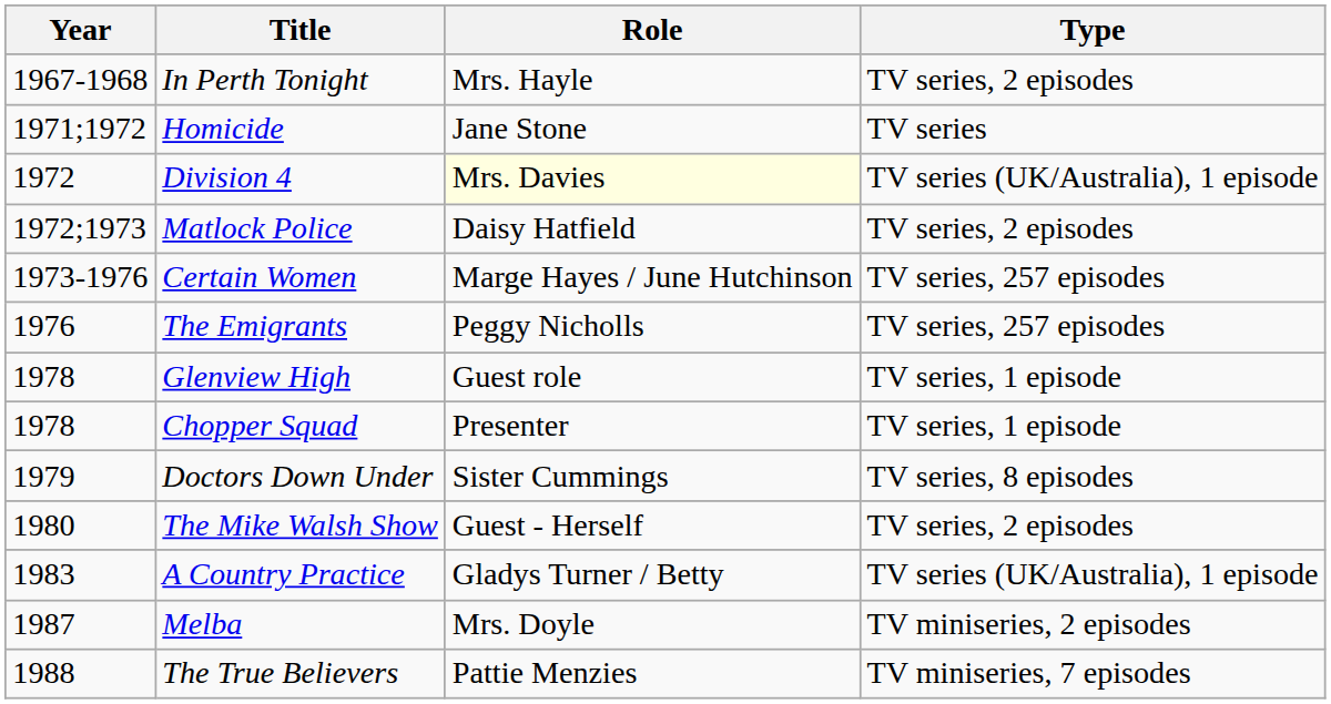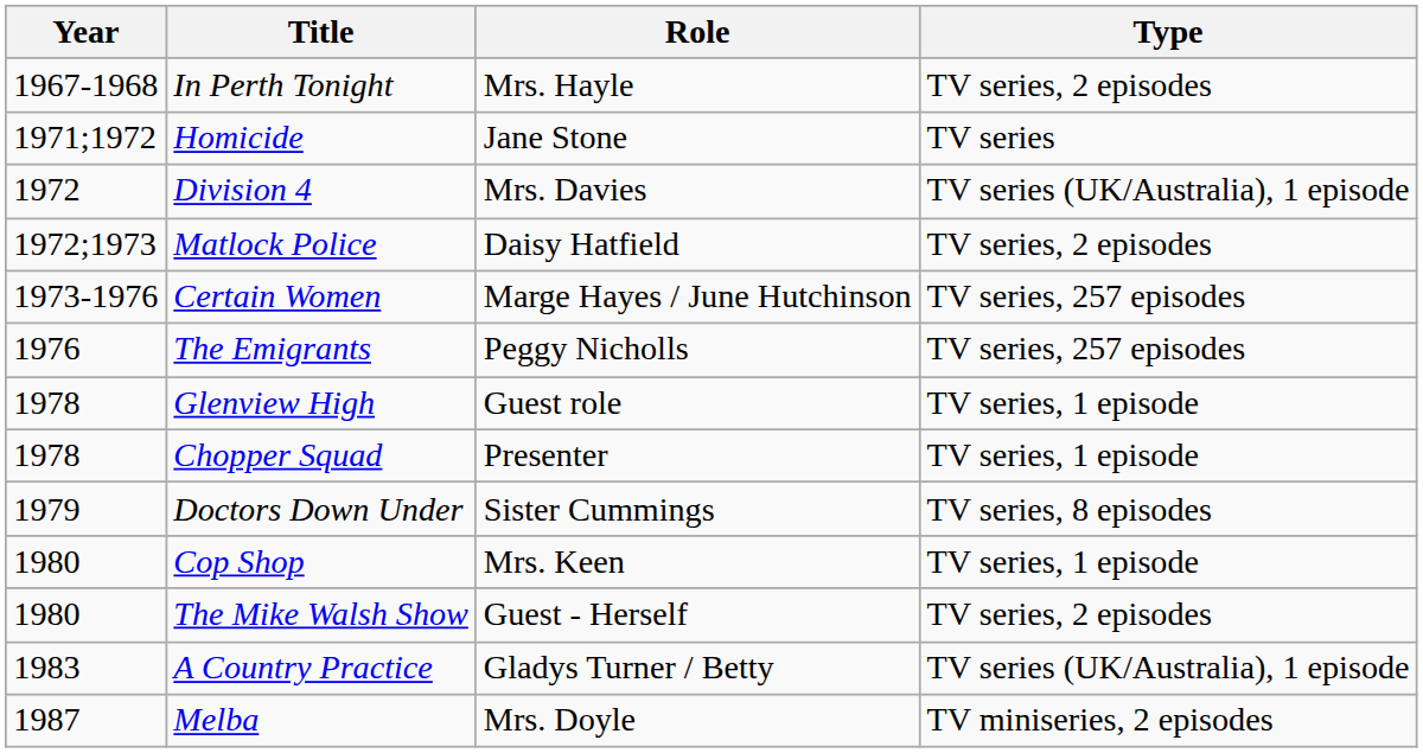 <table class="wikitable">
 <tr>
 <th>Year</th>
 <th>Title</th>
 <th>Role</th>
 <th>Type</th>
 </tr>
 <tr>
 <td>1967-1968</td>
 <td><em>In Perth Tonight</em></td>
 <td>Mrs. Hayle</td>
 <td>TV series, 2 episodes</td>
 </tr>
 <tr>
 <td>1971;1972</td>
 <td><em><a href='#'>Homicide</a></em></td>
 <td>Jane Stone</td>
 <td>TV series</td>
 </tr>
 <tr>
 <td>1972</td>
 <td><em><a href='#'>Division 4</a></em></td>
-<td style="background: lightyellow;">Mrs. Davies</td>
+<td>Mrs. Davies</td>
 <td>TV series (UK/Australia), 1 episode</td>
 </tr>
 <tr>
 <td>1972;1973</td>
 <td><em><a href='#'>Matlock Police</a></em></td>
 <td>Daisy Hatfield</td>
 <td>TV series, 2 episodes</td>
 </tr>
 <tr>
 <td>1973-1976</td>
 <td><em><a href='#'>Certain Women</a></em></td>
 <td>Marge Hayes / June Hutchinson</td>
 <td>TV series, 257 episodes</td>
 </tr>
 <tr>
 <td>1976</td>
 <td><em><a href='#'>The Emigrants</a></em></td>
 <td>Peggy Nicholls</td>
 <td>TV series, 257 episodes</td>
 </tr>
 <tr>
 <td>1978</td>
 <td><em><a href='#'>Glenview High</a></em></td>
 <td>Guest role</td>
 <td>TV series, 1 episode</td>
 </tr>
 <tr>
 <td>1978</td>
 <td><em><a href='#'>Chopper Squad</a></em></td>
 <td>Presenter</td>
 <td>TV series, 1 episode</td>
 </tr>
 <tr>
 <td>1979</td>
 <td><em>Doctors Down Under</em></td>
 <td>Sister Cummings</td>
 <td>TV series, 8 episodes</td>
 </tr>
 <tr>
 <td>1980</td>
+<td><em><a href='#'>Cop Shop</a></em></td>
+<td>Mrs. Keen</td>
+<td>TV series, 1 episode</td>
+</tr>
+<tr>
+<td>1980</td>
 <td><em><a href='#'>The Mike Walsh Show</a></em></td>
 <td>Guest - Herself</td>
 <td>TV series, 2 episodes</td>
 </tr>
 <tr>
 <td>1983</td>
 <td><em><a href='#'>A Country Practice</a></em></td>
 <td>Gladys Turner / Betty</td>
 <td>TV series (UK/Australia), 1 episode</td>
 </tr>
 <tr>
 <td>1987</td>
 <td><em><a href='#'>Melba</a></em></td>
 <td>Mrs. Doyle</td>
 <td>TV miniseries, 2 episodes</td>
 </tr>
-<tr>
-<td>1988</td>
-<td><em>The True Believers</em></td>
-<td>Pattie Menzies</td>
-<td>TV miniseries, 7 episodes</td>
-</tr>
 </table>
